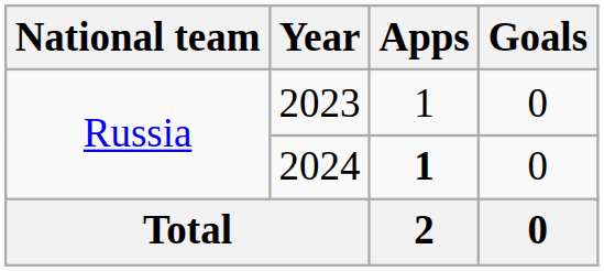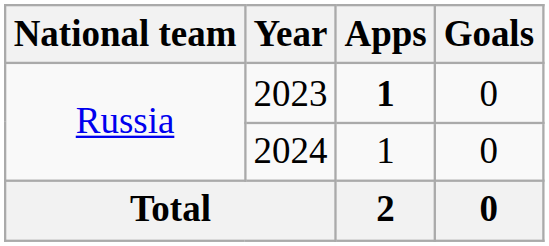 <table class=wikitable style=text-align:center>
 <tr>
 <th>National team</th>
 <th>Year</th>
 <th>Apps</th>
 <th>Goals</th>
 </tr>
 <tr>
 <td rowspan="2"><a href='#'>Russia</a></td>
 <td>2023</td>
-<td>1</td>
+<td><strong>1</strong></td>
 <td>0</td>
 </tr>
 <tr>
 <td>2024</td>
-<td><strong>1</strong></td>
+<td>1</td>
 <td>0</td>
 </tr>
 <tr>
 <th colspan="2">Total</th>
 <th>2</th>
 <th>0</th>
 </tr>
 </table>
